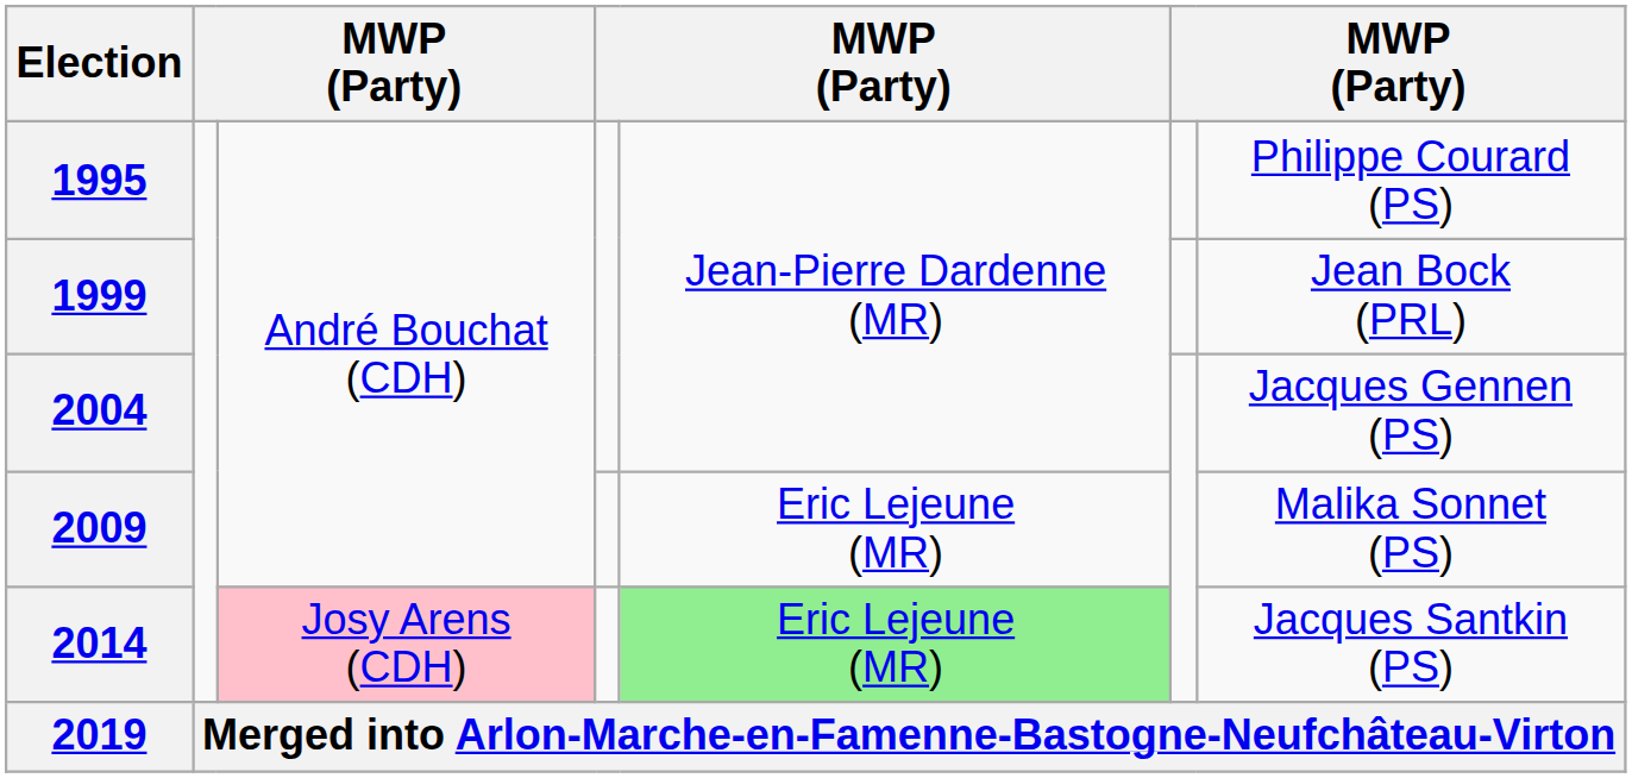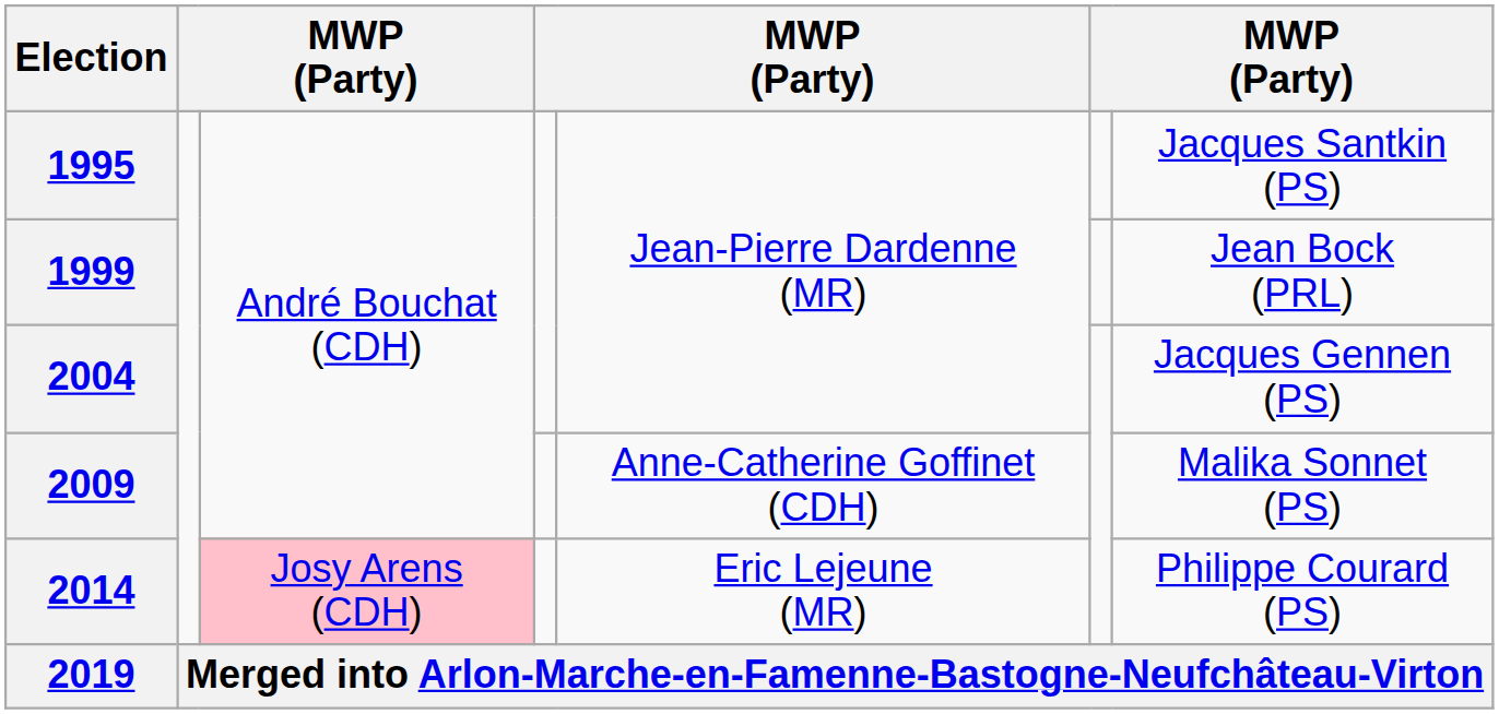 <table class="wikitable" style="text-align:center">
 <tr>
 <th>Election</th>
 <th colspan=2>MWP<br>(Party)</th>
 <th colspan=2>MWP<br>(Party)</th>
 <th colspan=2>MWP<br>(Party)</th>
 </tr>
 <tr>
 <th><a href='#'>1995</a></th>
 <td rowspan=5; style="background-color: "></td>
 <td rowspan=4><a href='#'>André Bouchat</a><br>(<a href='#'>CDH</a>)</td>
 <td rowspan=3; style="background-color: "></td>
 <td rowspan=3><a href='#'>Jean-Pierre Dardenne</a><br>(<a href='#'>MR</a>)</td>
 <td rowspan=1; style="background-color: "></td>
-<td rowspan=1><a href='#'>Philippe Courard</a><br>(<a href='#'>PS</a>)</td>
+<td rowspan=1><a href='#'>Jacques Santkin</a><br>(<a href='#'>PS</a>)</td>
 </tr>
 <tr>
 <th><a href='#'>1999</a></th>
 <td rowspan=1; style="background-color: "></td>
 <td rowspan=1><a href='#'>Jean Bock</a><br>(<a href='#'>PRL</a>)</td>
 </tr>
 <tr>
 <th><a href='#'>2004</a></th>
 <td rowspan=3; style="background-color: "></td>
 <td rowspan=1><a href='#'>Jacques Gennen</a><br>(<a href='#'>PS</a>)</td>
 </tr>
 <tr>
 <th><a href='#'>2009</a></th>
 <td rowspan=1; style="background-color: "></td>
-<td rowspan=1><a href='#'>Eric Lejeune</a><br>(<a href='#'>MR</a>)</td>
+<td rowspan=1><a href='#'>Anne-Catherine Goffinet</a><br>(<a href='#'>CDH</a>)</td>
 <td rowspan=1><a href='#'>Malika Sonnet</a><br>(<a href='#'>PS</a>)</td>
 </tr>
 <tr>
 <th><a href='#'>2014</a></th>
 <td rowspan=1 style="background: pink;"><a href='#'>Josy Arens</a><br>(<a href='#'>CDH</a>)</td>
 <td rowspan=1; style="background-color: "></td>
-<td rowspan=1 style="background: lightgreen;"><a href='#'>Eric Lejeune</a><br>(<a href='#'>MR</a>)</td>
-<td rowspan=1><a href='#'>Jacques Santkin</a><br>(<a href='#'>PS</a>)</td>
+<td rowspan=1><a href='#'>Eric Lejeune</a><br>(<a href='#'>MR</a>)</td>
+<td rowspan=1><a href='#'>Philippe Courard</a><br>(<a href='#'>PS</a>)</td>
 </tr>
 <tr>
 <th><a href='#'>2019</a></th>
 <th colspan=6>Merged into <a href='#'>Arlon-Marche-en-Famenne-Bastogne-Neufchâteau-Virton</a></th>
 </tr>
 </table>
